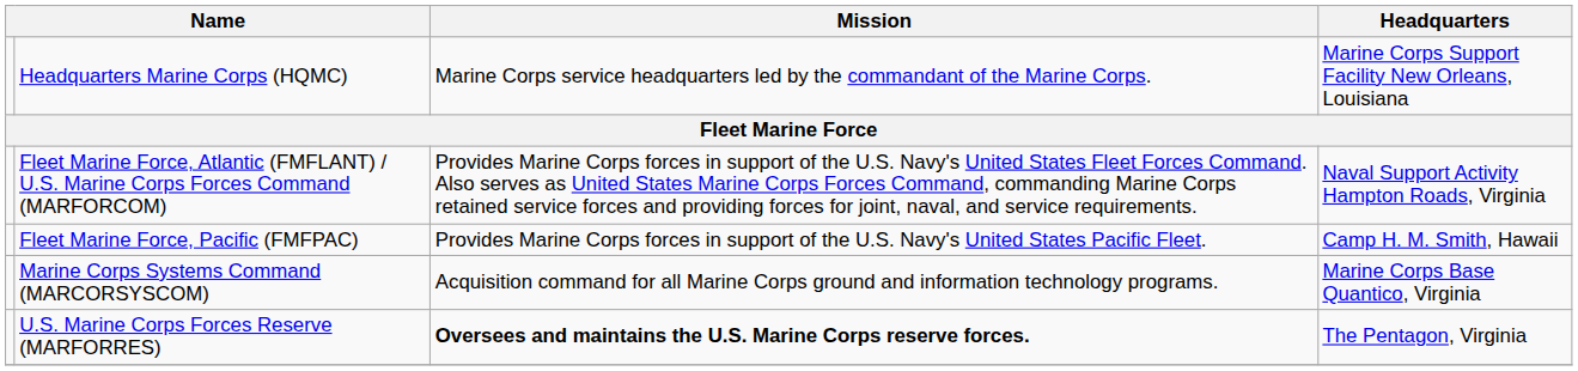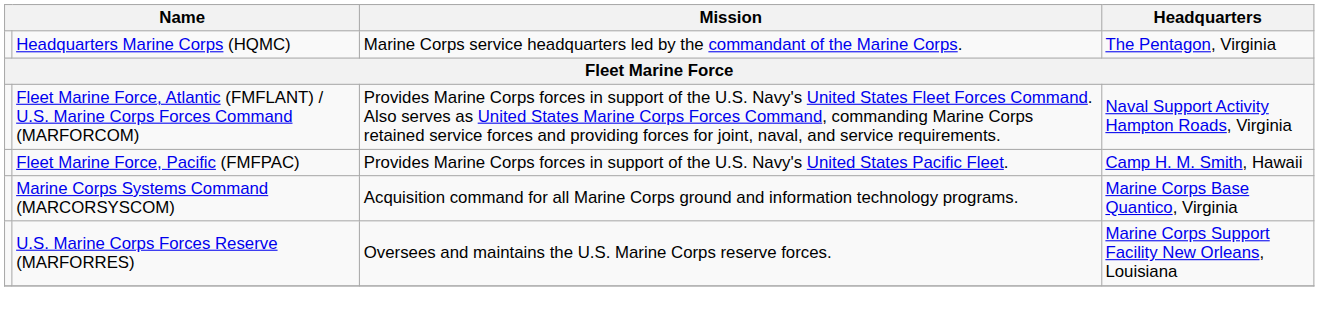 <table class="wikitable">
 <tr>
 <th colspan=2>Name</th>
 <th>Mission</th>
 <th>Headquarters</th>
 </tr>
 <tr>
 <td></td>
 <td><a href='#'>Headquarters Marine Corps</a> (HQMC)</td>
 <td>Marine Corps service headquarters led by the <a href='#'>commandant of the Marine Corps</a>.</td>
-<td><a href='#'>Marine Corps Support Facility New Orleans</a>, Louisiana</td>
+<td><a href='#'>The Pentagon</a>, Virginia</td>
 </tr>
 <tr>
 <th colspan=5>Fleet Marine Force</th>
 </tr>
 <tr>
 <td></td>
 <td><a href='#'>Fleet Marine Force, Atlantic</a> (FMFLANT) / <a href='#'>U.S. Marine Corps Forces Command</a> (MARFORCOM)</td>
 <td>Provides Marine Corps forces in support of the U.S. Navy's <a href='#'>United States Fleet Forces Command</a>. Also serves as <a href='#'>United States Marine Corps Forces Command</a>, commanding Marine Corps retained service forces and providing forces for joint, naval, and service requirements.</td>
 <td><a href='#'>Naval Support Activity Hampton Roads</a>, Virginia</td>
 </tr>
 <tr>
 <td></td>
 <td><a href='#'>Fleet Marine Force, Pacific</a> (FMFPAC)</td>
 <td>Provides Marine Corps forces in support of the U.S. Navy's <a href='#'>United States Pacific Fleet</a>.</td>
 <td><a href='#'>Camp H. M. Smith</a>, Hawaii</td>
 </tr>
 <tr>
 <td></td>
 <td><a href='#'>Marine Corps Systems Command</a> (MARCORSYSCOM)</td>
 <td>Acquisition command for all Marine Corps ground and information technology programs.</td>
 <td><a href='#'>Marine Corps Base Quantico</a>, Virginia</td>
 </tr>
 <tr>
 <td></td>
 <td><a href='#'>U.S. Marine Corps Forces Reserve</a> (MARFORRES)</td>
-<td><strong>Oversees and maintains the U.S. Marine Corps reserve forces.</strong></td>
-<td><a href='#'>The Pentagon</a>, Virginia</td>
+<td>Oversees and maintains the U.S. Marine Corps reserve forces.</td>
+<td><a href='#'>Marine Corps Support Facility New Orleans</a>, Louisiana</td>
 </tr>
 <tr>
 </tr>
 </table>
